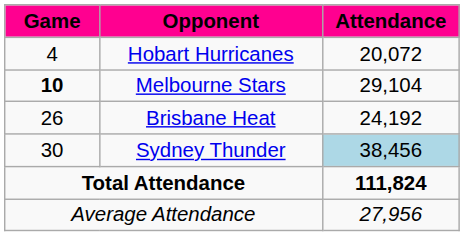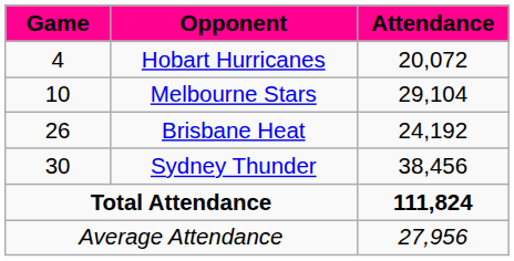 <table class="wikitable sortable" style="text-align:center; font-size:90%">
 <tr>
 <th style="width:60px; background:#FF0090; text-align:center;">Game</th>
 <th style="width:150px; background:#FF0090; text-align:center;" class="unsortable">Opponent</th>
 <th style="width:90px; background:#FF0090; text-align:center;">Attendance</th>
 </tr>
 <tr>
 <td>4</td>
 <td><a href='#'>Hobart Hurricanes</a></td>
 <td>20,072</td>
 </tr>
 <tr>
-<td><strong>10</strong></td>
+<td>10</td>
 <td><a href='#'>Melbourne Stars</a></td>
 <td>29,104</td>
 </tr>
 <tr>
 <td>26</td>
 <td><a href='#'>Brisbane Heat</a></td>
 <td>24,192</td>
 </tr>
 <tr>
 <td>30</td>
 <td><a href='#'>Sydney Thunder</a></td>
-<td style="background: lightblue;">38,456</td>
+<td>38,456</td>
 </tr>
 <tr class="sortbottom">
 <td colspan="2"><strong>Total Attendance</strong></td>
 <td><strong>111,824</strong></td>
 </tr>
 <tr class="sortbottom">
 <td colspan="2"><em>Average Attendance</em></td>
 <td><em>27,956</em></td>
 </tr>
 </table>
